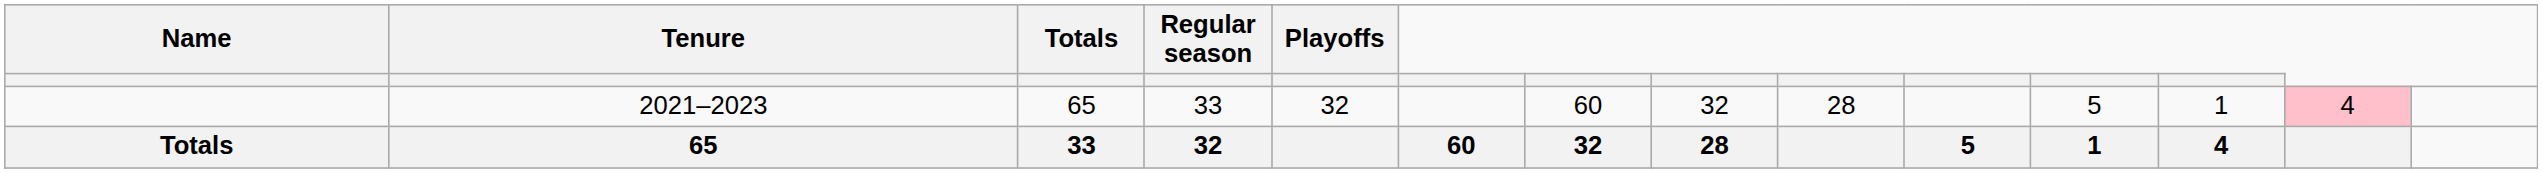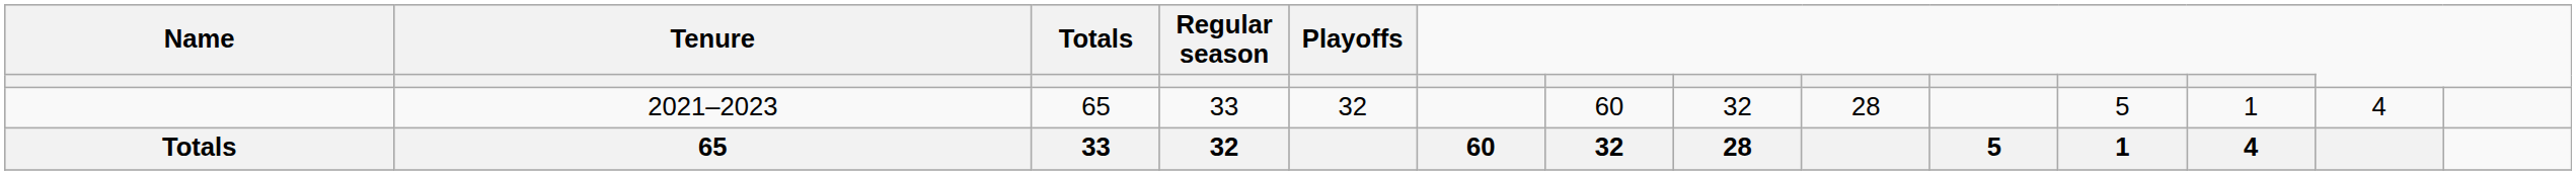 <table class="wikitable sortable" style="clear:both; margin:1.5em auto; text-align:center;">
 <tr>
 <th>Name</th>
 <th>Tenure</th>
 <th>Totals</th>
 <th>Regular season</th>
 <th>Playoffs</th>
 </tr>
 <tr>
 <th></th>
 <th></th>
 <th></th>
 <th></th>
 <th></th>
 <th></th>
 <th></th>
 <th></th>
 <th></th>
 <th></th>
 <th></th>
 <th></th>
 </tr>
 <tr>
 <td> </td>
 <td>2021–2023</td>
 <td style="width:5%;">65</td>
 <td style="width:5%;">33</td>
 <td style="width:5%;">32</td>
 <td style="width:5%;"></td>
 <td style="width:5%;">60</td>
 <td style="width:5%;">32</td>
 <td style="width:5%;">28</td>
 <td style="width:5%;"></td>
 <td style="width:5%;">5</td>
 <td style="width:5%;">1</td>
-<td style="background: pink; width:5%;">4</td>
+<td style="width:5%;">4</td>
 <td style="width:5%;"></td>
 </tr>
 <tr>
 <th>Totals</th>
 <th>65</th>
 <th>33</th>
 <th>32</th>
 <th></th>
 <th>60</th>
 <th>32</th>
 <th>28</th>
 <th></th>
 <th>5</th>
 <th>1</th>
 <th>4</th>
 <th></th>
 </tr>
 </table>
